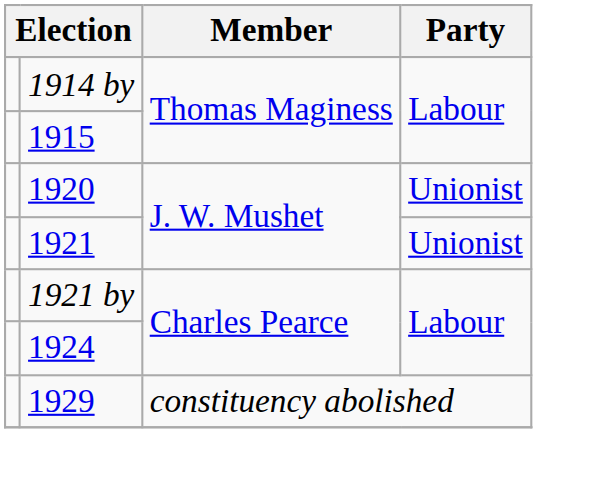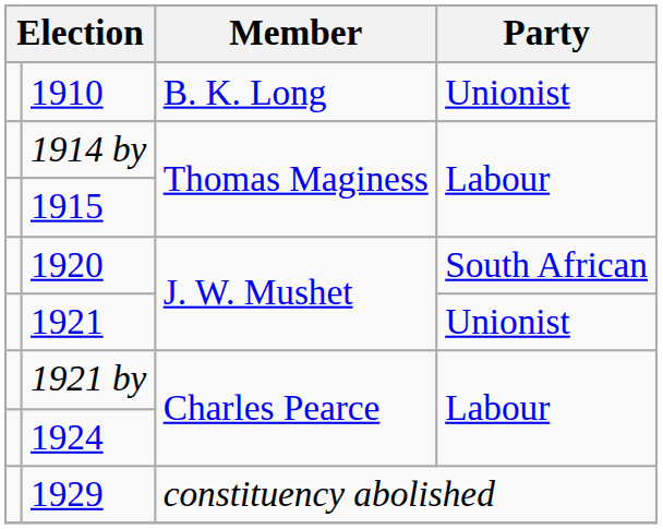 <table class="wikitable">
 <tr>
 <th colspan="2">Election</th>
 <th>Member</th>
 <th>Party</th>
+</tr>
+<tr>
+<td style="background-color: "></td>
+<td><a href='#'>1910</a></td>
+<td><a href='#'>B. K. Long</a></td>
+<td><a href='#'>Unionist</a></td>
 </tr>
 <tr>
 <td style="background-color: "></td>
 <td><em>1914 by</em></td>
 <td rowspan="2"><a href='#'>Thomas Maginess</a></td>
 <td rowspan="2"><a href='#'>Labour</a></td>
 </tr>
 <tr>
 <td style="background-color: "></td>
 <td><a href='#'>1915</a></td>
 </tr>
 <tr>
 <td style="background-color: "></td>
 <td><a href='#'>1920</a></td>
 <td rowspan="2"><a href='#'>J. W. Mushet</a></td>
-<td><a href='#'>Unionist</a></td>
+<td><a href='#'>South African</a></td>
 </tr>
 <tr>
 <td style="background-color: "></td>
 <td><a href='#'>1921</a></td>
 <td><a href='#'>Unionist</a></td>
 </tr>
 <tr>
 <td style="background-color: "></td>
 <td><em>1921 by</em></td>
 <td rowspan="2"><a href='#'>Charles Pearce</a></td>
 <td rowspan="2"><a href='#'>Labour</a></td>
 </tr>
 <tr>
 <td style="background-color: "></td>
 <td><a href='#'>1924</a></td>
 </tr>
 <tr>
 <td style="background-color: "></td>
 <td><a href='#'>1929</a></td>
 <td colspan="2"><em>constituency abolished</em></td>
 </tr>
 <tr>
 </tr>
 </table>
